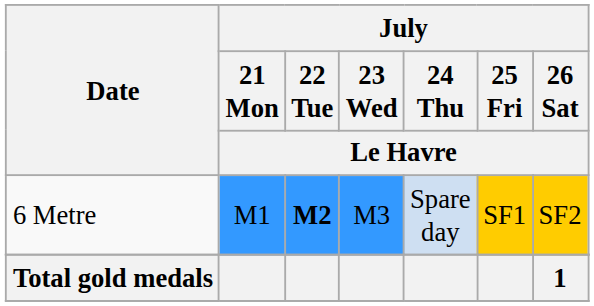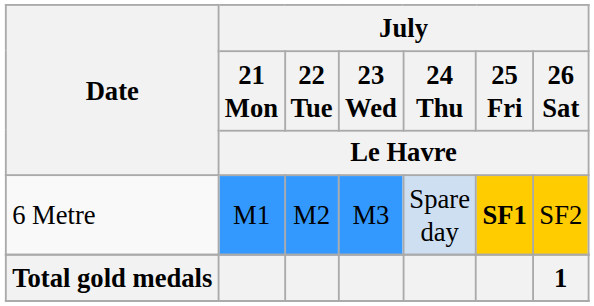 <table class="wikitable" style="margin:0.5em auto; font-size:90%; line-height:1.25em;">
 <tr>
 <th rowspan=3>Date</th>
 <th colspan=6>July</th>
 </tr>
 <tr>
 <th>21<br>Mon</th>
 <th>22<br>Tue</th>
 <th>23<br>Wed</th>
 <th>24<br>Thu</th>
 <th>25<br>Fri</th>
 <th>26<br>Sat</th>
 </tr>
 <tr>
 <th colspan=6>Le Havre</th>
 </tr>
 <tr align="center">
 <td align="left">6 Metre</td>
 <td bgcolor=#3399ff><span>M1</span></td>
-<td bgcolor=#3399ff><strong><span>M2</span></strong></td>
+<td bgcolor=#3399ff><span>M2</span></td>
 <td bgcolor=#3399ff><span>M3</span></td>
 <td bgcolor=#cedff2>Spare<br>day</td>
-<td bgcolor=#ffcc00><span>SF1</span></td>
+<td bgcolor=#ffcc00><strong><span>SF1</span></strong></td>
 <td bgcolor=#ffcc00><span>SF2</span></td>
 </tr>
 <tr align="center">
 </tr>
 <tr>
 <th>Total gold medals</th>
 <th></th>
 <th></th>
 <th></th>
 <th></th>
 <th></th>
 <th>1</th>
 </tr>
 <tr>
 </tr>
 </table>
